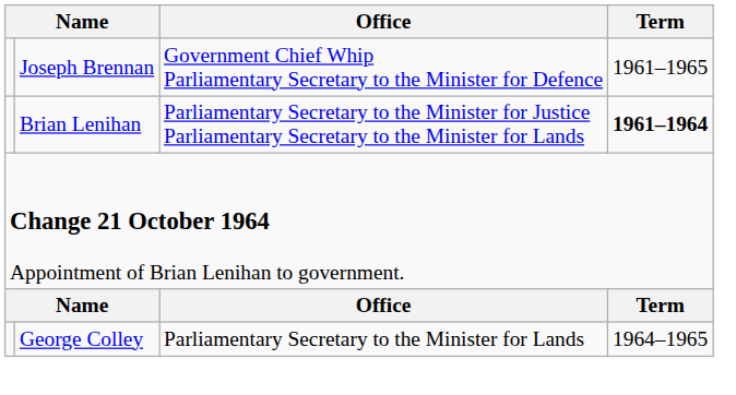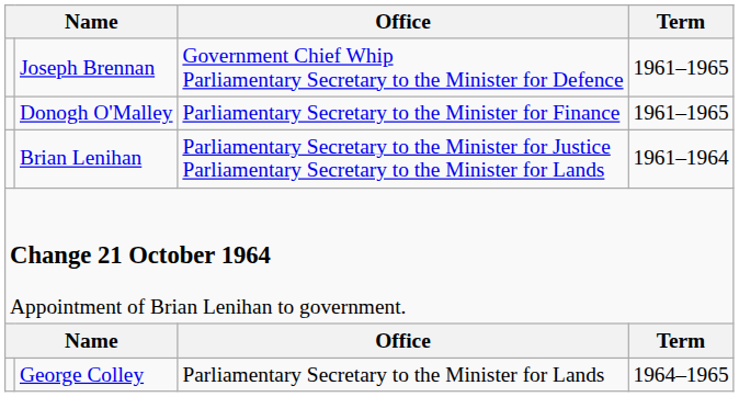 <table class="wikitable">
 <tr>
 <th colspan="2">Name</th>
 <th>Office</th>
 <th>Term</th>
 </tr>
 <tr>
 <td style="background-color: "></td>
 <td><a href='#'>Joseph Brennan</a></td>
 <td><a href='#'>Government Chief Whip</a><br><a href='#'>Parliamentary Secretary to the Minister for Defence</a></td>
 <td>1961–1965</td>
 </tr>
 <tr>
 <td style="background-color: "></td>
+<td><a href='#'>Donogh O'Malley</a></td>
+<td><a href='#'>Parliamentary Secretary to the Minister for Finance</a></td>
+<td>1961–1965</td>
+</tr>
+<tr>
+<td style="background-color: "></td>
 <td><a href='#'>Brian Lenihan</a></td>
 <td><a href='#'>Parliamentary Secretary to the Minister for Justice</a><br><a href='#'>Parliamentary Secretary to the Minister for Lands</a></td>
-<td><strong>1961–1964</strong></td>
+<td>1961–1964</td>
 </tr>
 <tr>
 <td colspan="4"><br><h3>Change 21 October 1964</h3>Appointment of Brian Lenihan to government.</td>
 </tr>
 <tr>
 <th colspan="2">Name</th>
 <th>Office</th>
 <th>Term</th>
 </tr>
 <tr>
 <td style="background-color: "></td>
 <td><a href='#'>George Colley</a></td>
 <td>Parliamentary Secretary to the Minister for Lands</td>
 <td>1964–1965</td>
 </tr>
 </table>
